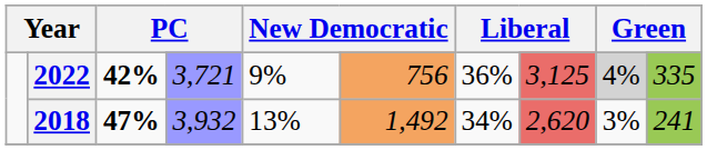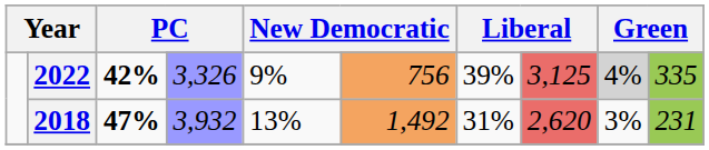 <table class="wikitable" style="width:400; font-size:90%; margin-left:1em;">
 <tr>
 <th colspan="2" scope="col">Year</th>
 <th colspan="2" scope="col"><a href='#'>PC</a></th>
 <th colspan="2" scope="col"><a href='#'>New Democratic</a></th>
 <th colspan="2" scope="col"><a href='#'>Liberal</a></th>
 <th colspan="2" scope="col"><a href='#'>Green</a></th>
 </tr>
 <tr>
 <td rowspan="2" style="width: 0.25em; background-color: "></td>
 <th><a href='#'>2022</a></th>
 <td><strong>42%</strong></td>
-<td style="text-align:right; background:#9999FF;"><em>3,721</em></td>
+<td style="text-align:right; background:#9999FF;"><em>3,326</em></td>
 <td>9%</td>
 <td style="text-align:right; background:#F4A460;"><em>756</em></td>
-<td>36%</td>
+<td>39%</td>
 <td style="text-align:right; background:#EA6D6A;"><em>3,125</em></td>
 <td style="background: lightgrey;">4%</td>
 <td style="text-align:right; background:#99C955;"><em>335</em></td>
 </tr>
 <tr>
 <th><a href='#'>2018</a></th>
 <td><strong>47%</strong></td>
 <td style="text-align:right; background:#9999FF;"><em>3,932</em></td>
 <td>13%</td>
 <td style="text-align:right; background:#F4A460;"><em>1,492</em></td>
-<td>34%</td>
+<td>31%</td>
 <td style="text-align:right; background:#EA6D6A;"><em>2,620</em></td>
 <td>3%</td>
-<td style="text-align:right; background:#99C955;"><em>241</em></td>
+<td style="text-align:right; background:#99C955;"><em>231</em></td>
 </tr>
 <tr>
 </tr>
 </table>
